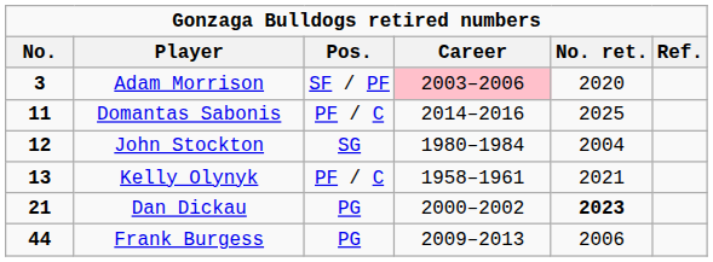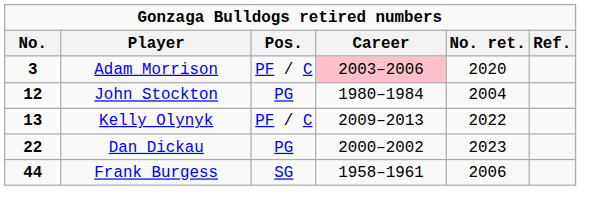 <table class="wikitable sortable" style="text-align:center">
 <tr>
 <td colspan=6><strong>Gonzaga Bulldogs retired numbers</strong></td>
 </tr>
 <tr>
 <th width=40px>No.</th>
 <th width=150px>Player</th>
 <th width=px>Pos.</th>
 <th width=100px>Career</th>
 <th width=px>No. ret.</th>
 <th width=px>Ref.</th>
 </tr>
 <tr>
 <td><strong>3</strong></td>
 <td><a href='#'>Adam Morrison</a></td>
-<td><a href='#'>SF</a> / <a href='#'>PF</a></td>
+<td><a href='#'>PF</a> / <a href='#'>C</a></td>
 <td style="background: pink;">2003–2006</td>
 <td>2020</td>
 <td></td>
 </tr>
 <tr>
-<td><strong>11</strong></td>
-<td><a href='#'>Domantas Sabonis</a></td>
-<td><a href='#'>PF</a> / <a href='#'>C</a></td>
-<td>2014–2016</td>
-<td>2025</td>
-<td></td>
-</tr>
-<tr>
 <td><strong>12</strong></td>
 <td><a href='#'>John Stockton</a></td>
-<td><a href='#'>SG</a></td>
+<td><a href='#'>PG</a></td>
 <td>1980–1984</td>
 <td>2004</td>
 <td></td>
 </tr>
 <tr>
 <td><strong>13</strong></td>
 <td><a href='#'>Kelly Olynyk</a></td>
 <td><a href='#'>PF</a> / <a href='#'>C</a></td>
-<td>1958–1961</td>
-<td>2021</td>
+<td>2009–2013</td>
+<td>2022</td>
 <td></td>
 </tr>
 <tr>
-<td><strong>21</strong></td>
+<td><strong>22</strong></td>
 <td><a href='#'>Dan Dickau</a></td>
 <td><a href='#'>PG</a></td>
 <td>2000–2002</td>
-<td><strong>2023</strong></td>
+<td>2023</td>
 <td></td>
 </tr>
 <tr>
 <td><strong>44</strong></td>
 <td><a href='#'>Frank Burgess</a></td>
-<td><a href='#'>PG</a></td>
-<td>2009–2013</td>
+<td><a href='#'>SG</a></td>
+<td>1958–1961</td>
 <td>2006</td>
 <td></td>
 </tr>
 </table>
